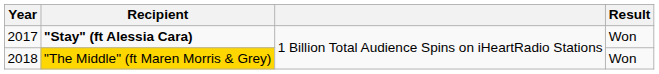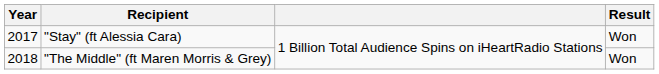 <table class="wikitable">
 <tr>
 <th>Year</th>
 <th>Recipient</th>
 <th></th>
 <th>Result</th>
 </tr>
 <tr>
 <td>2017</td>
-<td><strong>"Stay" (ft Alessia Cara)</strong></td>
+<td>"Stay" (ft Alessia Cara)</td>
 <td rowspan="2">1 Billion Total Audience Spins on iHeartRadio Stations</td>
 <td>Won</td>
 </tr>
 <tr>
 <td>2018</td>
-<td style="background: gold;">"The Middle" (ft Maren Morris & Grey)</td>
+<td>"The Middle" (ft Maren Morris & Grey)</td>
 <td>Won</td>
 </tr>
 </table>
